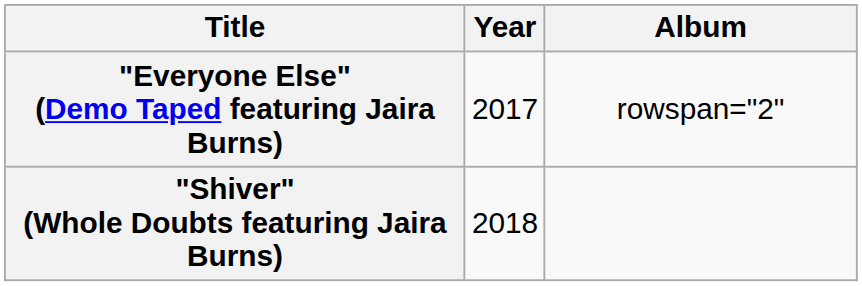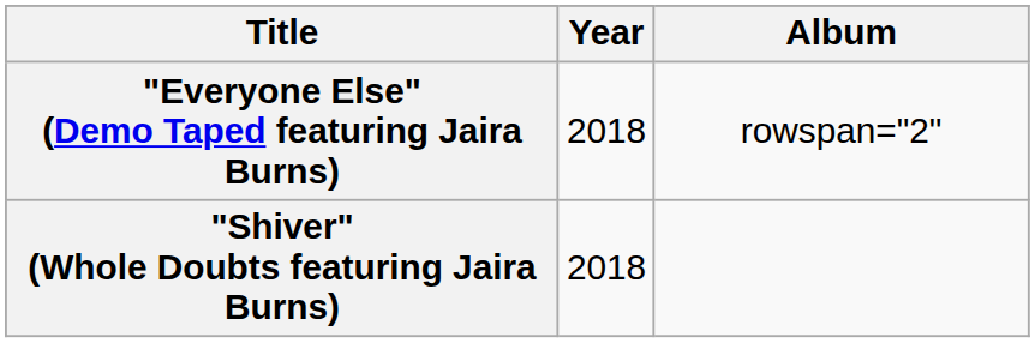 <table class="wikitable plainrowheaders" style="text-align:center;">
 <tr>
 <th scope="col" style="width:15em;">Title</th>
 <th scope="col" style="width:2em;">Year</th>
 <th scope="col" style="width:10em;">Album</th>
 </tr>
 <tr>
 <th scope="row">"Everyone Else"<br><span>(<a href='#'>Demo Taped</a> featuring Jaira Burns)</span></th>
-<td>2017</td>
+<td>2018</td>
 <td>rowspan="2" </td>
 </tr>
 <tr>
 <th scope="row">"Shiver"<br><span>(Whole Doubts featuring Jaira Burns)</span></th>
 <td>2018</td>
 </tr>
 </table>
